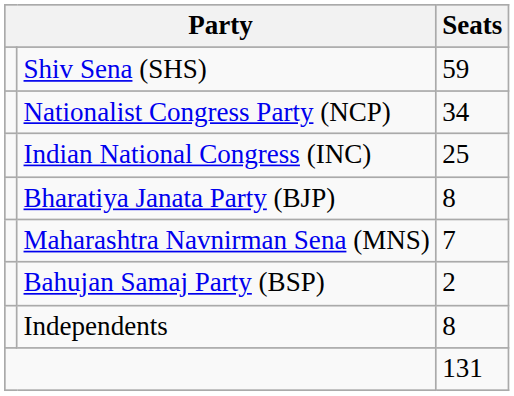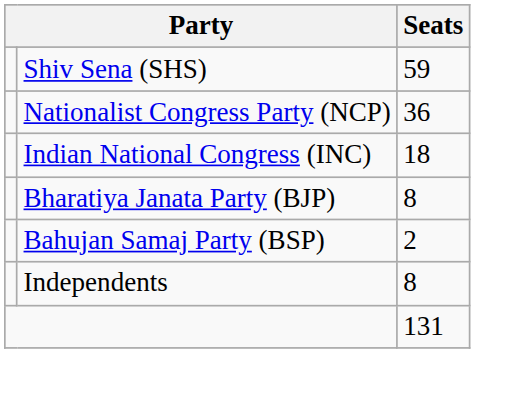 <table class="sortable wikitable">
 <tr>
 <th colspan=2>Party</th>
 <th>Seats</th>
 </tr>
 <tr>
 <td></td>
 <td><a href='#'>Shiv Sena</a> (SHS)</td>
 <td>59</td>
 </tr>
 <tr>
 <td></td>
 <td><a href='#'>Nationalist Congress Party</a> (NCP)</td>
-<td>34</td>
+<td>36</td>
 </tr>
 <tr>
 <td></td>
 <td><a href='#'>Indian National Congress</a> (INC)</td>
-<td>25</td>
+<td>18</td>
 </tr>
 <tr>
 <td></td>
 <td><a href='#'>Bharatiya Janata Party</a> (BJP)</td>
 <td>8</td>
-</tr>
-<tr>
-<td></td>
-<td><a href='#'>Maharashtra Navnirman Sena</a> (MNS)</td>
-<td>7</td>
 </tr>
 <tr>
 <td></td>
 <td><a href='#'>Bahujan Samaj Party</a> (BSP)</td>
 <td>2</td>
 </tr>
 <tr>
 <td></td>
 <td>Independents</td>
 <td>8</td>
 </tr>
 <tr>
 <td colspan=2></td>
 <td>131</td>
 </tr>
 </table>
